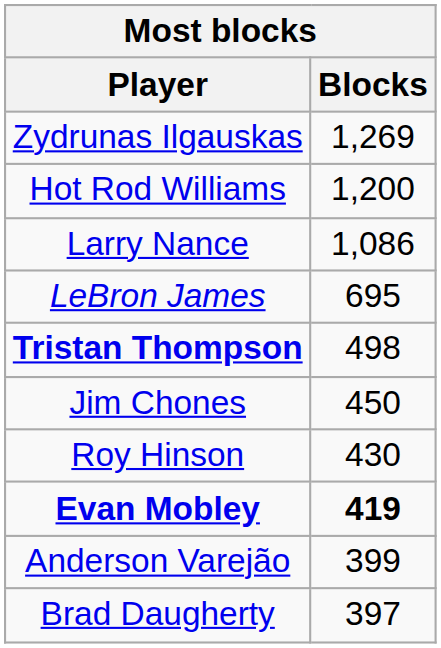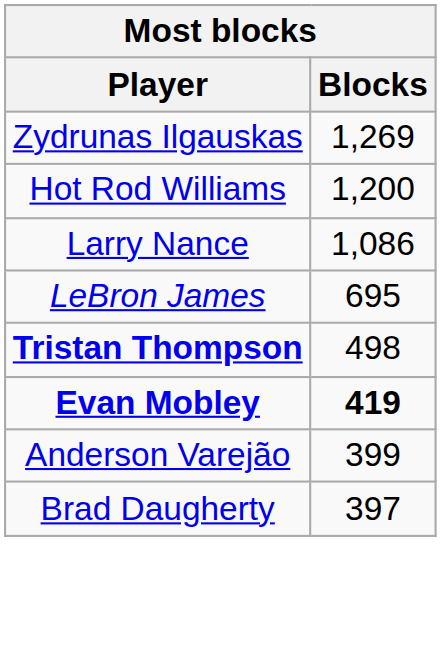 <table class="wikitable sortable" style="text-align:center">
 <tr>
 <th colspan="2" style="text-align:center; ">Most blocks</th>
 </tr>
 <tr>
 <th style="text-align:center; ">Player</th>
 <th style="text-align:center; ">Blocks</th>
 </tr>
 <tr>
 <td><a href='#'>Zydrunas Ilgauskas</a></td>
 <td>1,269</td>
 </tr>
 <tr>
 <td><a href='#'>Hot Rod Williams</a></td>
 <td>1,200</td>
 </tr>
 <tr>
 <td><a href='#'>Larry Nance</a></td>
 <td>1,086</td>
 </tr>
 <tr>
 <td><em><a href='#'>LeBron James</a></em></td>
 <td>695</td>
 </tr>
 <tr>
 <td><strong><a href='#'>Tristan Thompson</a></strong></td>
 <td>498</td>
 </tr>
 <tr>
-<td><a href='#'>Jim Chones</a></td>
-<td>450</td>
-</tr>
-<tr>
-<td><a href='#'>Roy Hinson</a></td>
-<td>430</td>
-</tr>
-<tr>
 <td><strong><a href='#'>Evan Mobley</a></strong></td>
 <td><strong>419</strong></td>
 </tr>
 <tr>
 <td><a href='#'>Anderson Varejão</a></td>
 <td>399</td>
 </tr>
 <tr>
 <td><a href='#'>Brad Daugherty</a></td>
 <td>397</td>
 </tr>
 </table>
